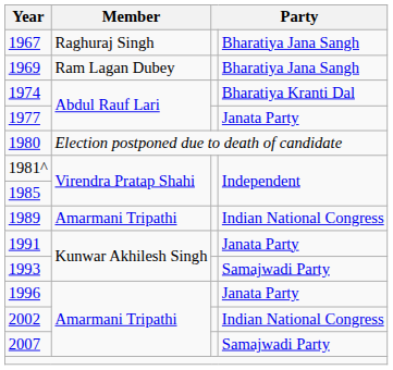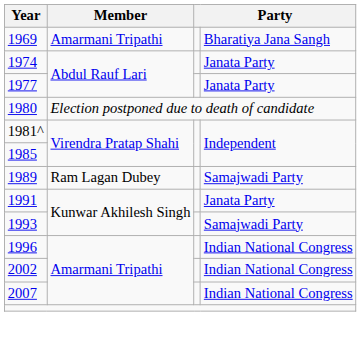 <table class="wikitable">
 <tr>
 <th scope="col">Year</th>
 <th scope="col">Member</th>
 <th colspan="2">Party</th>
 </tr>
 <tr>
-<td><a href='#'>1967</a></td>
-<td>Raghuraj Singh</td>
-<td style="background-color: "></td>
-<td><a href='#'>Bharatiya Jana Sangh</a></td>
-</tr>
-<tr>
 <td><a href='#'>1969</a></td>
-<td>Ram Lagan Dubey</td>
+<td><a href='#'>Amarmani Tripathi</a></td>
 <td style="background-color: "></td>
 <td><a href='#'>Bharatiya Jana Sangh</a></td>
 </tr>
 <tr>
 <td><a href='#'>1974</a></td>
 <td rowspan="2"><a href='#'>Abdul Rauf Lari</a></td>
 <td style="background-color: "></td>
-<td><a href='#'>Bharatiya Kranti Dal</a></td>
+<td><a href='#'>Janata Party</a></td>
 </tr>
 <tr>
 <td><a href='#'>1977</a></td>
 <td style="background-color: "></td>
 <td><a href='#'>Janata Party</a></td>
 </tr>
 <tr>
 <td><a href='#'>1980</a></td>
 <td colspan="3"><em>Election postponed due to death of candidate</em></td>
 </tr>
 <tr>
 <td>1981^</td>
 <td rowspan="2"><a href='#'>Virendra Pratap Shahi</a></td>
 <td rowspan="2" style="background-color: "></td>
 <td rowspan="2"><a href='#'>Independent</a></td>
 </tr>
 <tr>
 <td><a href='#'>1985</a></td>
 </tr>
 <tr>
 <td><a href='#'>1989</a></td>
-<td><a href='#'>Amarmani Tripathi</a></td>
+<td>Ram Lagan Dubey</td>
 <td style="background-color: "></td>
-<td><a href='#'>Indian National Congress</a></td>
+<td><a href='#'>Samajwadi Party</a></td>
 </tr>
 <tr>
 <td><a href='#'>1991</a></td>
 <td rowspan="2">Kunwar Akhilesh Singh</td>
 <td style="background-color: "></td>
 <td><a href='#'>Janata Party</a></td>
 </tr>
 <tr>
 <td><a href='#'>1993</a></td>
 <td style="background-color: "></td>
 <td><a href='#'>Samajwadi Party</a></td>
 </tr>
 <tr>
 <td><a href='#'>1996</a></td>
 <td rowspan="3"><a href='#'>Amarmani Tripathi</a></td>
 <td style="background-color: "></td>
-<td><a href='#'>Janata Party</a></td>
+<td><a href='#'>Indian National Congress</a></td>
 </tr>
 <tr>
 <td><a href='#'>2002</a></td>
 <td style="background-color: "></td>
 <td><a href='#'>Indian National Congress</a></td>
 </tr>
 <tr>
 <td><a href='#'>2007</a></td>
 <td style="background-color: "></td>
-<td><a href='#'>Samajwadi Party</a></td>
+<td><a href='#'>Indian National Congress</a></td>
 </tr>
 <tr>
 <td colspan="4"></td>
 </tr>
 </table>
